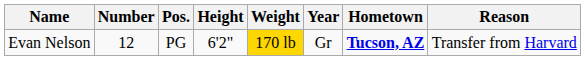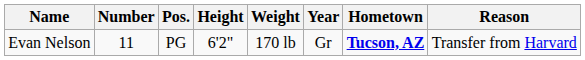 <table class="wikitable sortable" style="text-align: center">
 <tr align=center>
 <th>Name</th>
 <th>Number</th>
 <th>Pos.</th>
 <th>Height</th>
 <th>Weight</th>
 <th>Year</th>
 <th>Hometown</th>
 <th>Reason</th>
 </tr>
 <tr>
 <td>Evan Nelson</td>
-<td>12</td>
+<td>11</td>
 <td>PG</td>
 <td>6'2"</td>
-<td style="background: gold;">170 lb</td>
+<td>170 lb</td>
 <td>Gr</td>
 <td><strong><a href='#'>Tucson, AZ</a></strong></td>
 <td>Transfer from <a href='#'>Harvard</a></td>
 </tr>
 <tr>
 </tr>
 </table>
